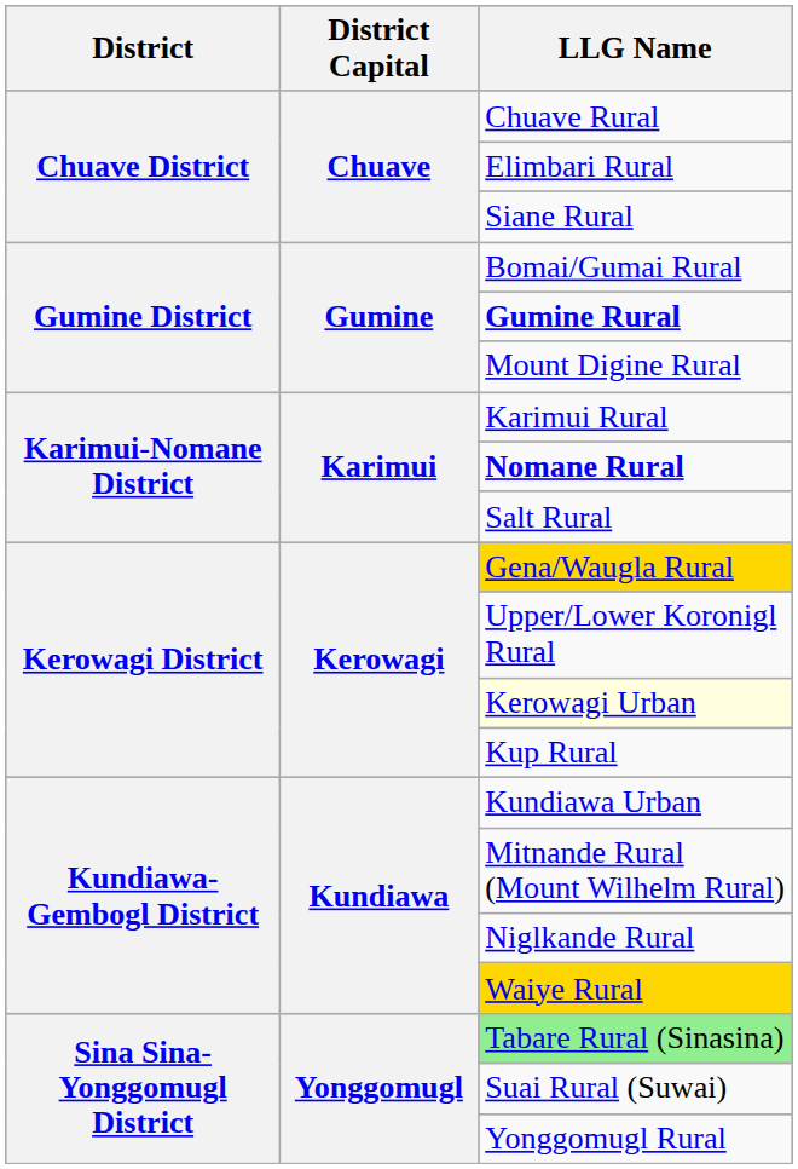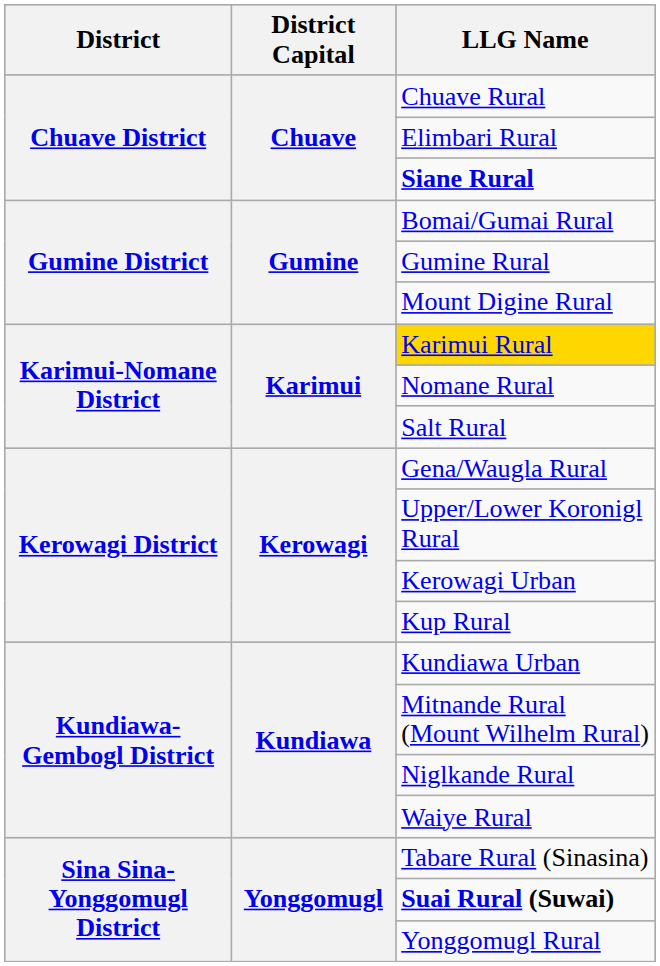 <table class="wikitable" style="text-align: left;" width="400">
 <tr>
 <th>District</th>
 <th>District Capital</th>
 <th>LLG Name</th>
 </tr>
 <tr>
 <th rowspan="3"><a href='#'>Chuave District</a></th>
 <th rowspan="3"><a href='#'>Chuave</a></th>
 <td><a href='#'>Chuave Rural</a></td>
 </tr>
 <tr>
 <td><a href='#'>Elimbari Rural</a></td>
 </tr>
 <tr>
-<td><a href='#'>Siane Rural</a></td>
+<td><strong><a href='#'>Siane Rural</a></strong></td>
 </tr>
 <tr>
 <th rowspan="3"><a href='#'>Gumine District</a></th>
 <th rowspan="3"><a href='#'>Gumine</a></th>
 <td><a href='#'>Bomai/Gumai Rural</a></td>
 </tr>
 <tr>
-<td><strong><a href='#'>Gumine Rural</a></strong></td>
+<td><a href='#'>Gumine Rural</a></td>
 </tr>
 <tr>
 <td><a href='#'>Mount Digine Rural</a></td>
 </tr>
 <tr>
 <th rowspan="3"><a href='#'>Karimui-Nomane District</a></th>
 <th rowspan="3"><a href='#'>Karimui</a></th>
-<td><a href='#'>Karimui Rural</a></td>
+<td style="background: gold;"><a href='#'>Karimui Rural</a></td>
 </tr>
 <tr>
-<td><strong><a href='#'>Nomane Rural</a></strong></td>
+<td><a href='#'>Nomane Rural</a></td>
 </tr>
 <tr>
 <td><a href='#'>Salt Rural</a></td>
 </tr>
 <tr>
 <th rowspan="4"><a href='#'>Kerowagi District</a></th>
 <th rowspan="4"><a href='#'>Kerowagi</a></th>
-<td style="background: gold;"><a href='#'>Gena/Waugla Rural</a></td>
+<td><a href='#'>Gena/Waugla Rural</a></td>
 </tr>
 <tr>
 <td><a href='#'>Upper/Lower Koronigl Rural</a></td>
 </tr>
 <tr>
-<td style="background: lightyellow;"><a href='#'>Kerowagi Urban</a></td>
+<td><a href='#'>Kerowagi Urban</a></td>
 </tr>
 <tr>
 <td><a href='#'>Kup Rural</a></td>
 </tr>
 <tr>
 <th rowspan="4"><a href='#'>Kundiawa-Gembogl District</a></th>
 <th rowspan="4"><a href='#'>Kundiawa</a></th>
 <td><a href='#'>Kundiawa Urban</a></td>
 </tr>
 <tr>
 <td><a href='#'>Mitnande Rural</a> (<a href='#'>Mount Wilhelm Rural</a>)</td>
 </tr>
 <tr>
 <td><a href='#'>Niglkande Rural</a></td>
 </tr>
 <tr>
-<td style="background: gold;"><a href='#'>Waiye Rural</a></td>
+<td><a href='#'>Waiye Rural</a></td>
 </tr>
 <tr>
 <th rowspan="3"><a href='#'>Sina Sina-Yonggomugl District</a></th>
 <th rowspan="3"><a href='#'>Yonggomugl</a></th>
-<td style="background: lightgreen;"><a href='#'>Tabare Rural</a> (Sinasina)</td>
+<td><a href='#'>Tabare Rural</a> (Sinasina)</td>
 </tr>
 <tr>
-<td><a href='#'>Suai Rural</a> (Suwai)</td>
+<td><strong><a href='#'>Suai Rural</a> (Suwai)</strong></td>
 </tr>
 <tr>
 <td><a href='#'>Yonggomugl Rural</a></td>
 </tr>
 </table>
